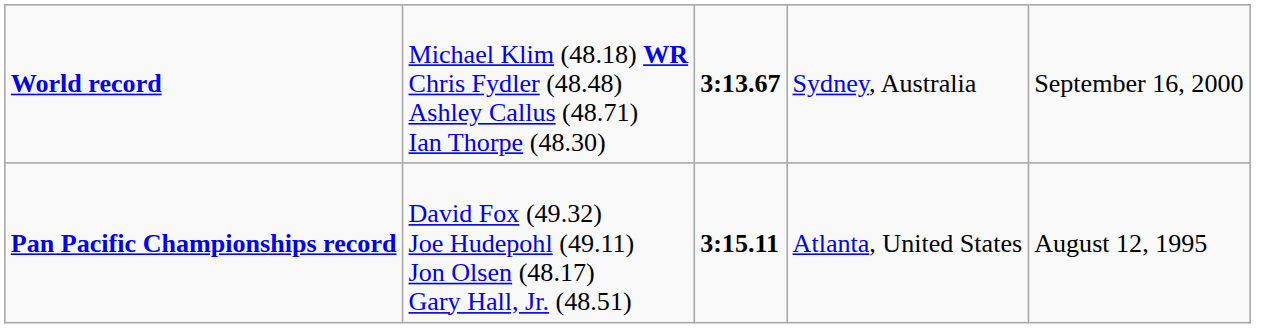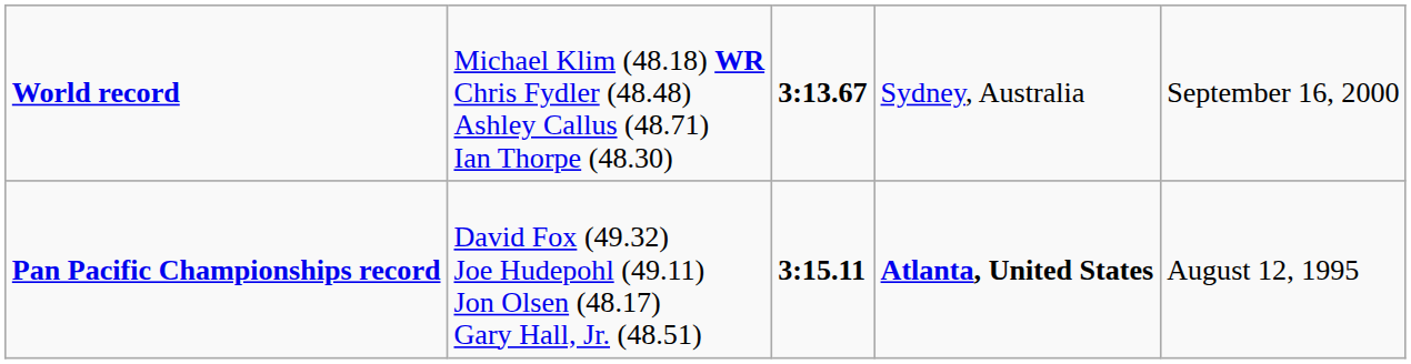 <table class="wikitable">
 <tr>
 <td><strong><a href='#'>World record</a></strong></td>
 <td><br><a href='#'>Michael Klim</a> (48.18) <a href='#'><strong>WR</strong></a><br><a href='#'>Chris Fydler</a> (48.48)<br><a href='#'>Ashley Callus</a> (48.71)<br><a href='#'>Ian Thorpe</a> (48.30)</td>
 <td><strong>3:13.67</strong></td>
 <td><a href='#'>Sydney</a>, Australia</td>
 <td>September 16, 2000</td>
 </tr>
 <tr>
 <td><strong><a href='#'>Pan Pacific Championships record</a></strong></td>
 <td><br><a href='#'>David Fox</a> (49.32)<br><a href='#'>Joe Hudepohl</a> (49.11)<br><a href='#'>Jon Olsen</a> (48.17)<br><a href='#'>Gary Hall, Jr.</a> (48.51)</td>
 <td><strong>3:15.11</strong></td>
-<td><a href='#'>Atlanta</a>, United States</td>
+<td><strong><a href='#'>Atlanta</a>, United States</strong></td>
 <td>August 12, 1995</td>
 </tr>
 </table>
